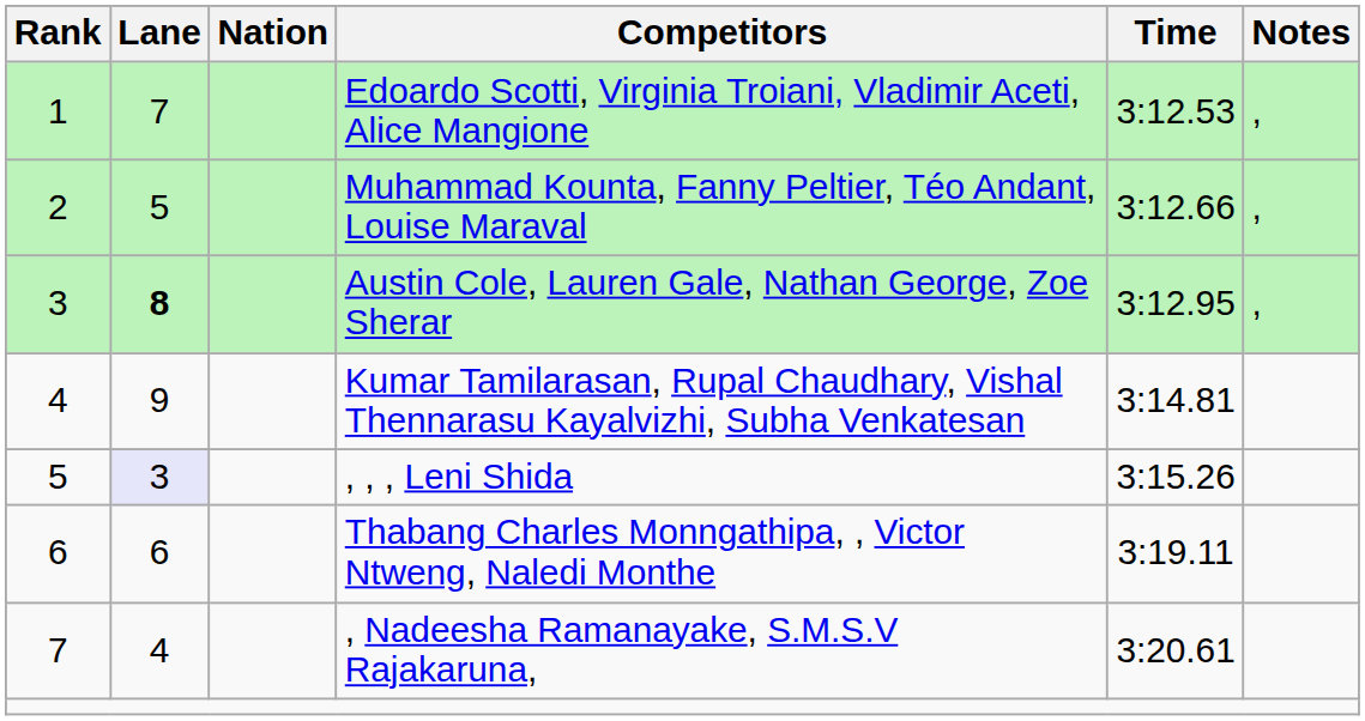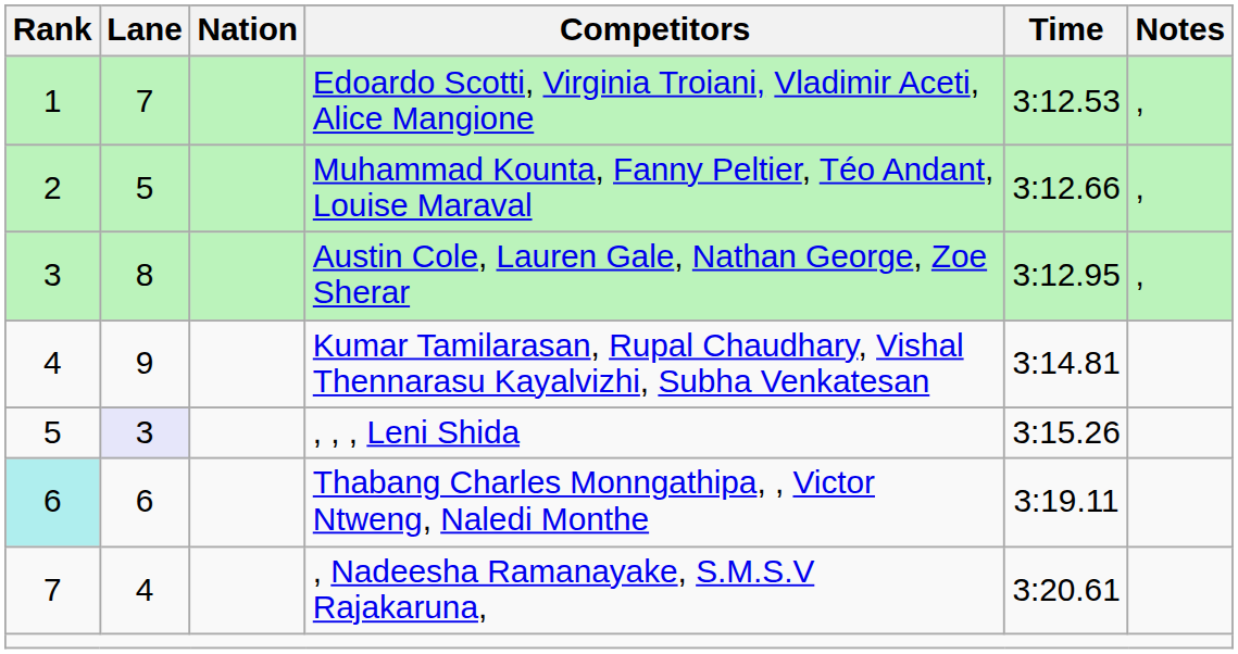 <table class="wikitable sortable" style="text-align:center">
 <tr>
 <th>Rank</th>
 <th>Lane</th>
 <th>Nation</th>
 <th>Competitors</th>
 <th>Time</th>
 <th>Notes</th>
 </tr>
 <tr bgcolor="#bbf3bb">
 <td>1</td>
 <td>7</td>
 <td align="left"></td>
 <td align="left"><a href='#'>Edoardo Scotti</a>, <a href='#'>Virginia Troiani,</a> <a href='#'>Vladimir Aceti</a>, <a href='#'>Alice Mangione</a></td>
 <td align="left">3:12.53</td>
 <td align="left">, </td>
 </tr>
 <tr bgcolor="#bbf3bb">
 <td>2</td>
 <td>5</td>
 <td align="left"></td>
 <td align="left"><a href='#'>Muhammad Kounta</a>, <a href='#'>Fanny Peltier</a>, <a href='#'>Téo Andant</a>, <a href='#'>Louise Maraval</a></td>
 <td align="left">3:12.66</td>
 <td align="left">, </td>
 </tr>
 <tr bgcolor="#bbf3bb">
 <td>3</td>
-<td><strong>8</strong></td>
+<td>8</td>
 <td align="left"></td>
 <td align="left"><a href='#'>Austin Cole</a>, <a href='#'>Lauren Gale</a>, <a href='#'>Nathan George</a>, <a href='#'>Zoe Sherar</a></td>
 <td>3:12.95</td>
 <td align="left">, <strong></strong></td>
 </tr>
 <tr>
 <td>4</td>
 <td>9</td>
 <td align="left"></td>
 <td align="left"><a href='#'>Kumar Tamilarasan</a>, <a href='#'>Rupal Chaudhary</a>, <a href='#'>Vishal Thennarasu Kayalvizhi</a>, <a href='#'>Subha Venkatesan</a></td>
 <td>3:14.81</td>
 <td></td>
 </tr>
 <tr>
 <td>5</td>
 <td style="background: lavender;">3</td>
 <td align="left"></td>
 <td align="left">, , , <a href='#'>Leni Shida</a></td>
 <td>3:15.26</td>
 <td><strong></strong></td>
 </tr>
 <tr>
-<td>6</td>
+<td style="background: paleturquoise;">6</td>
 <td>6</td>
 <td align="left"></td>
 <td align="left"><a href='#'>Thabang Charles Monngathipa</a>, , <a href='#'>Victor Ntweng</a>, <a href='#'>Naledi Monthe</a></td>
 <td>3:19.11</td>
 <td></td>
 </tr>
 <tr>
 <td>7</td>
 <td>4</td>
 <td align="left"></td>
 <td align="left">, <a href='#'>Nadeesha Ramanayake</a>, <a href='#'>S.M.S.V Rajakaruna</a>, </td>
 <td>3:20.61</td>
 <td></td>
 </tr>
 <tr class="sortbottom">
 <td colspan="6"></td>
 </tr>
 </table>
